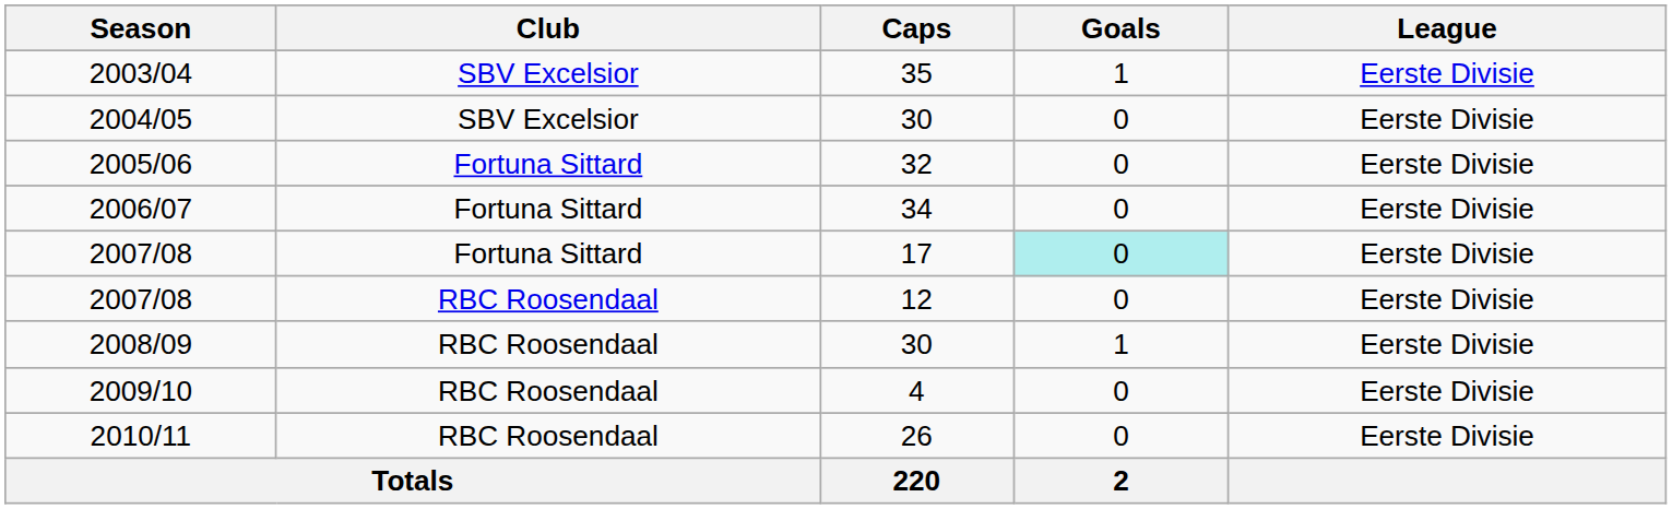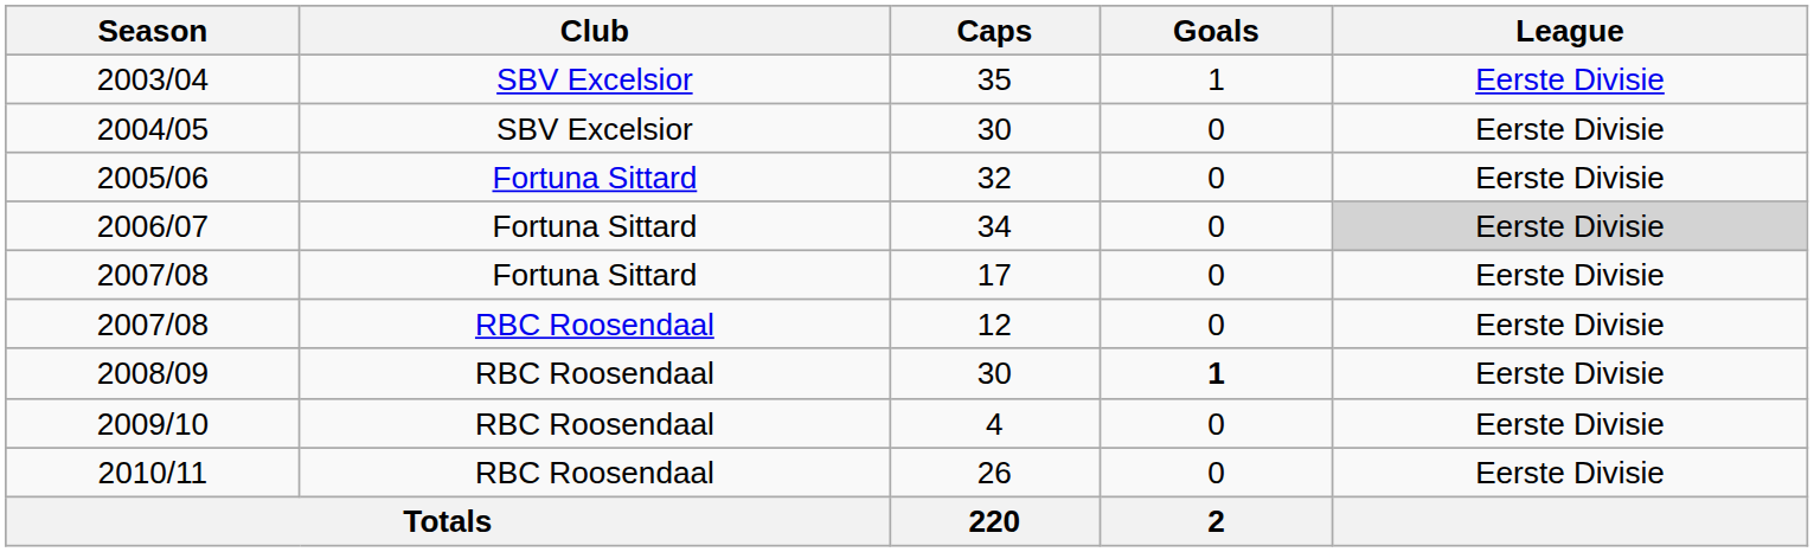 <table class="wikitable" style=" text-align:center; font-size:95%;" width="70%">
 <tr>
 <th>Season</th>
 <th>Club</th>
 <th>Caps</th>
 <th>Goals</th>
 <th>League</th>
 </tr>
 <tr>
 <td>2003/04</td>
 <td> <a href='#'>SBV Excelsior</a></td>
 <td>35</td>
 <td>1</td>
 <td><a href='#'>Eerste Divisie</a></td>
 </tr>
 <tr>
 <td>2004/05</td>
 <td> SBV Excelsior</td>
 <td>30</td>
 <td>0</td>
 <td>Eerste Divisie</td>
 </tr>
 <tr>
 <td>2005/06</td>
 <td> <a href='#'>Fortuna Sittard</a></td>
 <td>32</td>
 <td>0</td>
 <td>Eerste Divisie</td>
 </tr>
 <tr>
 <td>2006/07</td>
 <td> Fortuna Sittard</td>
 <td>34</td>
 <td>0</td>
-<td>Eerste Divisie</td>
+<td style="background: lightgrey;">Eerste Divisie</td>
 </tr>
 <tr>
 <td>2007/08</td>
 <td> Fortuna Sittard</td>
 <td>17</td>
-<td style="background: paleturquoise;">0</td>
+<td>0</td>
 <td>Eerste Divisie</td>
 </tr>
 <tr>
 <td>2007/08</td>
 <td> <a href='#'>RBC Roosendaal</a></td>
 <td>12</td>
 <td>0</td>
 <td>Eerste Divisie</td>
 </tr>
 <tr>
 <td>2008/09</td>
 <td> RBC Roosendaal</td>
 <td>30</td>
-<td>1</td>
+<td><strong>1</strong></td>
 <td>Eerste Divisie</td>
 </tr>
 <tr>
 <td>2009/10</td>
 <td> RBC Roosendaal</td>
 <td>4</td>
 <td>0</td>
 <td>Eerste Divisie</td>
 </tr>
 <tr>
 <td>2010/11</td>
 <td> RBC Roosendaal</td>
 <td>26</td>
 <td>0</td>
 <td>Eerste Divisie</td>
 </tr>
 <tr>
 <th colspan=2><strong>Totals</strong></th>
 <th><strong>220</strong></th>
 <th><strong>2</strong></th>
 <th></th>
 </tr>
 </table>
